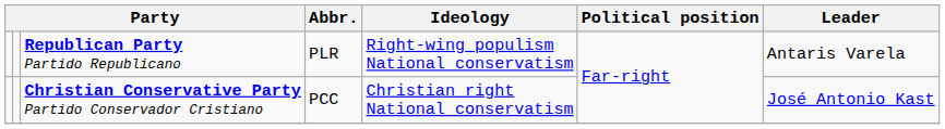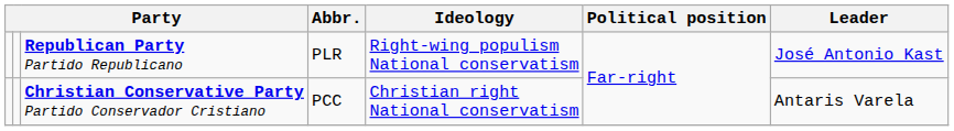 <table class="wikitable" style="font-size:100%">
 <tr>
 <th colspan=3>Party</th>
 <th>Abbr.</th>
 <th>Ideology</th>
 <th>Political position</th>
 <th>Leader</th>
 </tr>
 <tr>
 <td style="background-color: "></td>
 <td></td>
 <td><strong><a href='#'>Republican Party</a></strong><br><small><em>Partido Republicano</em></small></td>
 <td>PLR</td>
 <td><a href='#'>Right-wing populism</a><br><a href='#'>National conservatism</a></td>
 <td rowspan="2"><a href='#'>Far-right</a></td>
-<td>Antaris Varela</td>
+<td><a href='#'>José Antonio Kast</a></td>
 </tr>
 <tr>
 <td style="background-color: "></td>
 <td></td>
 <td><strong><a href='#'>Christian Conservative Party</a></strong><br><small><em>Partido Conservador Cristiano</em></small></td>
 <td>PCC</td>
 <td><a href='#'>Christian right</a><br><a href='#'>National conservatism</a></td>
-<td><a href='#'>José Antonio Kast</a></td>
+<td>Antaris Varela</td>
 </tr>
 <tr>
 </tr>
 </table>
